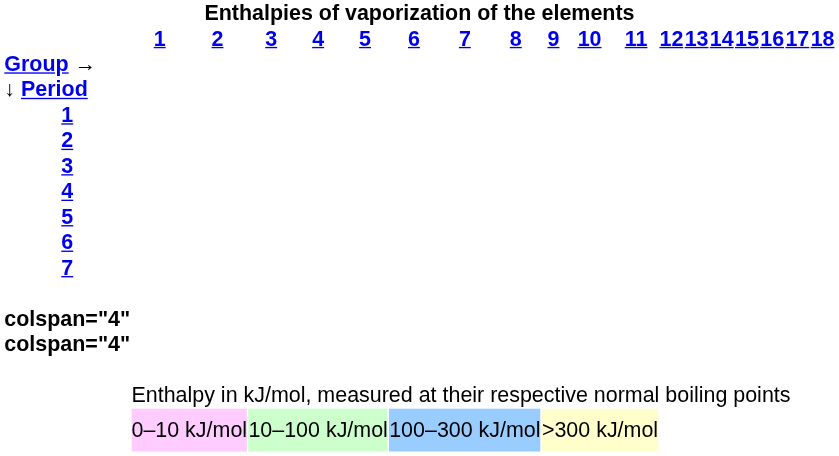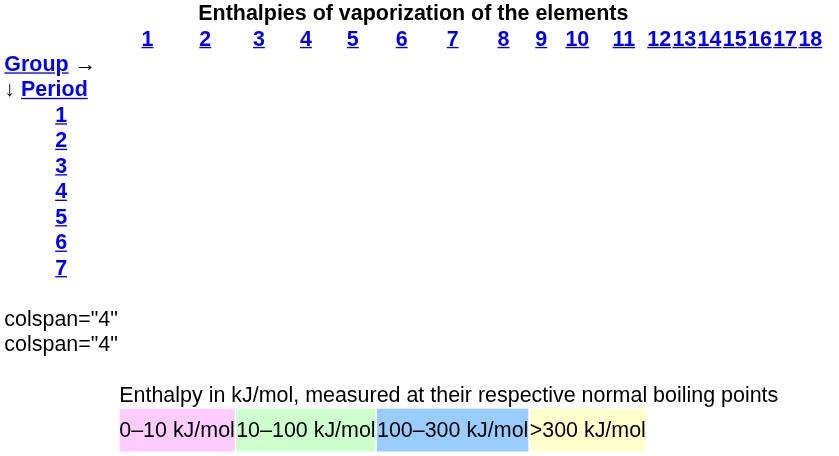 <table border=0 cellpadding="0" cellspacing="1" style="table-layout:fixed; background:">
 <tr>
 <th colspan=20 style="background:">Enthalpies of vaporization of the elements</th>
 </tr>
 <tr style="background:">
 <th></th>
 <th><a href='#'>1</a></th>
 <th><a href='#'>2</a></th>
 <th></th>
 <th><a href='#'>3</a></th>
 <th><a href='#'>4</a></th>
 <th><a href='#'>5</a></th>
 <th><a href='#'>6</a></th>
 <th><a href='#'>7</a></th>
 <th><a href='#'>8</a></th>
 <th><a href='#'>9</a></th>
 <th><a href='#'>10</a></th>
 <th><a href='#'>11</a></th>
 <th><a href='#'>12</a></th>
 <th><a href='#'>13</a></th>
 <th><a href='#'>14</a></th>
 <th><a href='#'>15</a></th>
 <th><a href='#'>16</a></th>
 <th><a href='#'>17</a></th>
 <th><a href='#'>18</a></th>
 </tr>
 <tr>
 <th colspan=3 style="text-align:left;"><a href='#'>Group</a> →</th>
 </tr>
 <tr>
 <th colspan=3 style="text-align:left;">↓ <a href='#'>Period</a></th>
 </tr>
 <tr>
 <th><a href='#'>1</a></th>
 <td></td>
 <td colspan="17"></td>
 <td></td>
 </tr>
 <tr>
 <th><a href='#'>2</a></th>
 <td></td>
 <td></td>
 <td colspan="11"></td>
 <td></td>
 <td></td>
 <td></td>
 <td></td>
 <td></td>
 <td></td>
 </tr>
 <tr>
 <th><a href='#'>3</a></th>
 <td></td>
 <td></td>
 <td colspan="11"></td>
 <td></td>
 <td></td>
 <td></td>
 <td></td>
 <td></td>
 <td></td>
 </tr>
 <tr>
 <th><a href='#'>4</a></th>
 <td></td>
 <td></td>
 <td></td>
 <td></td>
 <td></td>
 <td></td>
 <td></td>
 <td></td>
 <td></td>
 <td></td>
 <td></td>
 <td></td>
 <td></td>
 <td></td>
 <td></td>
 <td></td>
 <td></td>
 <td></td>
 <td></td>
 </tr>
 <tr>
 <th><a href='#'>5</a></th>
 <td></td>
 <td></td>
 <td></td>
 <td></td>
 <td></td>
 <td></td>
 <td></td>
 <td></td>
 <td></td>
 <td></td>
 <td></td>
 <td></td>
 <td></td>
 <td></td>
 <td></td>
 <td></td>
 <td></td>
 <td></td>
 <td></td>
 </tr>
 <tr>
 <th><a href='#'>6</a></th>
 <td></td>
 <td></td>
 <td></td>
 <td></td>
 <td></td>
 <td></td>
 <td></td>
 <td></td>
 <td></td>
 <td></td>
 <td></td>
 <td></td>
 <td></td>
 <td></td>
 <td></td>
 <td></td>
 <td></td>
 <td></td>
 <td></td>
 </tr>
 <tr>
 <th><a href='#'>7</a></th>
 <td></td>
 <td></td>
 <td></td>
 <td></td>
 <td></td>
 <td></td>
 <td></td>
 <td></td>
 <td></td>
 <td></td>
 <td></td>
 <td></td>
 <td></td>
 <td></td>
 <td></td>
 <td></td>
 <td></td>
 <td></td>
 <td></td>
 </tr>
 <tr>
 <td><br></td>
 </tr>
 <tr>
-<td><strong>colspan="4" </strong></td>
+<td>colspan="4" </td>
 <td></td>
 <td></td>
 <td></td>
 <td></td>
 <td></td>
 <td></td>
 <td></td>
 <td></td>
 <td></td>
 <td></td>
 <td></td>
 <td></td>
 <td></td>
 <td></td>
 </tr>
 <tr>
-<td><strong>colspan="4" </strong></td>
+<td>colspan="4" </td>
 <td></td>
 <td></td>
 <td></td>
 <td></td>
 <td></td>
 <td></td>
 <td></td>
 <td></td>
 <td></td>
 <td></td>
 <td></td>
 <td></td>
 <td></td>
 <td></td>
 </tr>
 <tr>
 <td> </td>
 </tr>
 <tr>
 <td></td>
 <td colspan=20>Enthalpy in kJ/mol, measured at their respective normal boiling points</td>
 </tr>
 <tr style="height:2em; border:1px solid grey; text-align:center;">
 <td></td>
 <td colspan=3 style="background:#ffccff;">0–10 kJ/mol</td>
 <td colspan=3 style="background:#ccffcc;">10–100 kJ/mol</td>
 <td colspan=3 style="background:#99ccff;">100–300 kJ/mol</td>
 <td colspan=3 style="background:#ffffcc;">>300 kJ/mol</td>
 </tr>
 </table>
